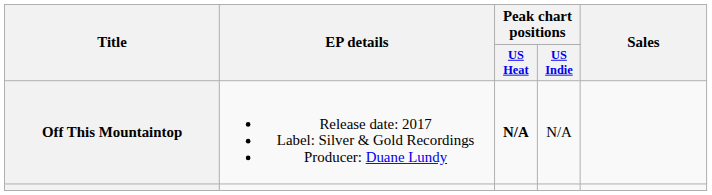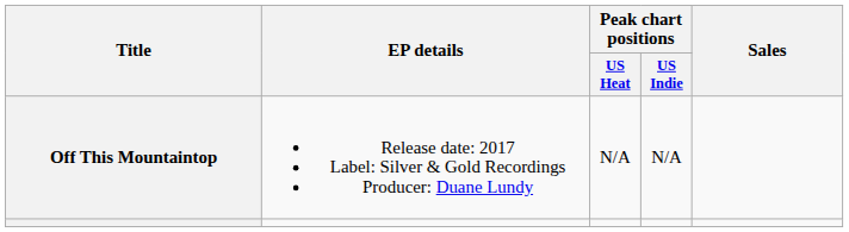 <table class="wikitable plainrowheaders" style="text-align:center;">
 <tr>
 <th rowspan="2" style="width:14em;">Title</th>
 <th rowspan="2" style="width:18em;">EP details</th>
 <th colspan="2">Peak chart positions</th>
 <th rowspan="2" style="width:8em;">Sales</th>
 </tr>
 <tr style="font-size:smaller;">
 <th width="40"><a href='#'>US<br> Heat</a></th>
 <th width="40"><a href='#'>US <br>Indie</a></th>
 </tr>
 <tr>
 <th scope="row">Off This Mountaintop</th>
 <td><br><ul><li>Release date: 2017</li><li>Label: Silver & Gold Recordings</li><li>Producer: <a href='#'>Duane Lundy</a></li></ul></td>
-<td><strong>N/A</strong></td>
+<td>N/A</td>
 <td>N/A</td>
 <td></td>
 </tr>
 <tr>
 <th scope="row"></th>
 <td></td>
 <td></td>
 <td></td>
 <td></td>
 </tr>
 </table>
